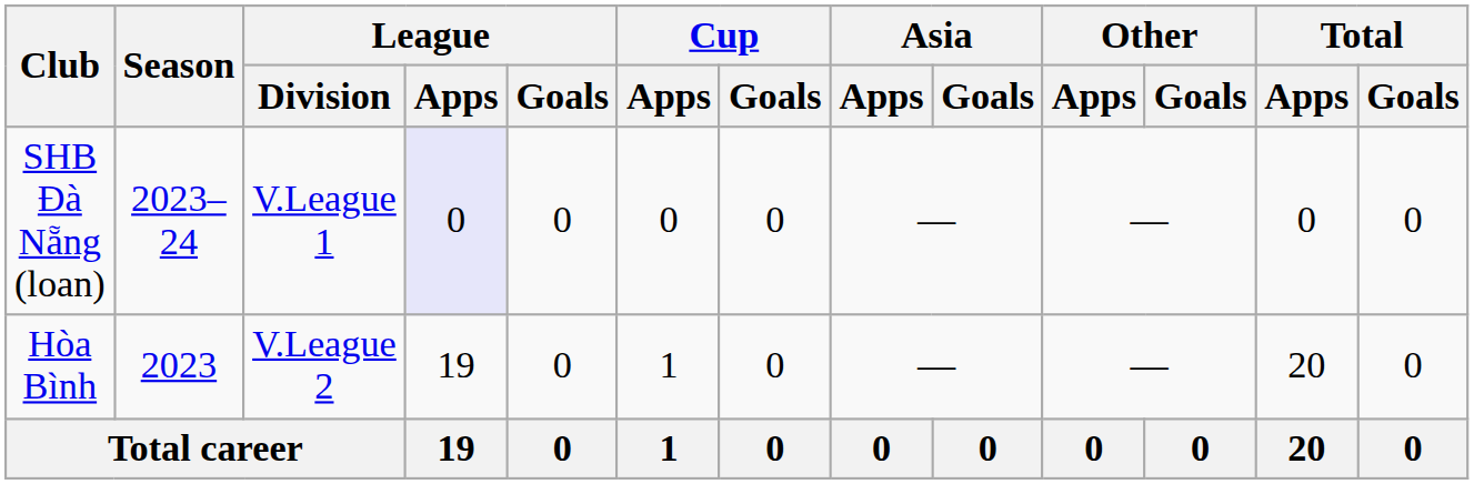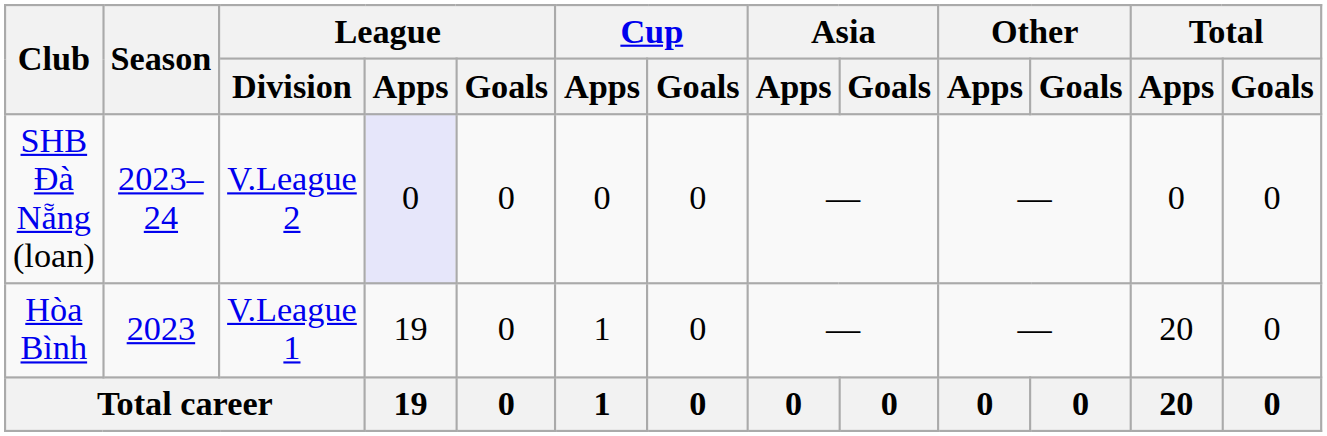 <table class="wikitable" style="text-align: center;">
 <tr>
 <th rowspan="2">Club</th>
 <th rowspan="2">Season</th>
 <th colspan="3">League</th>
 <th colspan="2"><a href='#'>Cup</a></th>
 <th colspan="2">Asia</th>
 <th colspan="2">Other</th>
 <th colspan="2">Total</th>
 </tr>
 <tr>
 <th>Division</th>
 <th>Apps</th>
 <th>Goals</th>
 <th>Apps</th>
 <th>Goals</th>
 <th>Apps</th>
 <th>Goals</th>
 <th>Apps</th>
 <th>Goals</th>
 <th>Apps</th>
 <th>Goals</th>
 </tr>
 <tr>
 <td><a href='#'>SHB Đà Nẵng</a> (loan)</td>
 <td><a href='#'>2023–24</a></td>
-<td><a href='#'>V.League 1</a></td>
+<td><a href='#'>V.League 2</a></td>
 <td style="background: lavender;">0</td>
 <td>0</td>
 <td>0</td>
 <td>0</td>
 <td colspan="2">—</td>
 <td colspan="2">—</td>
 <td>0</td>
 <td>0</td>
 </tr>
 <tr>
 <td><a href='#'>Hòa Bình</a></td>
 <td><a href='#'>2023</a></td>
-<td><a href='#'>V.League 2</a></td>
+<td><a href='#'>V.League 1</a></td>
 <td>19</td>
 <td>0</td>
 <td>1</td>
 <td>0</td>
 <td colspan="2">—</td>
 <td colspan="2">—</td>
 <td>20</td>
 <td>0</td>
 </tr>
 <tr>
 <th colspan="3">Total career</th>
 <th>19</th>
 <th>0</th>
 <th>1</th>
 <th>0</th>
 <th>0</th>
 <th>0</th>
 <th>0</th>
 <th>0</th>
 <th>20</th>
 <th>0</th>
 </tr>
 </table>
